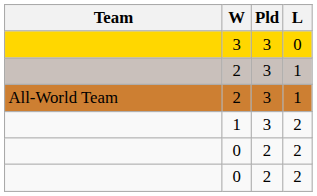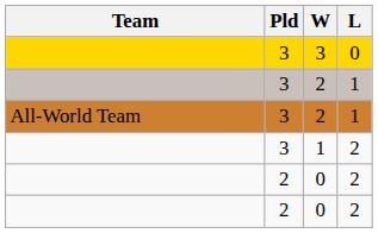 <table class="wikitable" style="text-align:center">
 <tr>
 <th width="200">Team</th>
+<th width="20">Pld</th>
 <th width="20">W</th>
-<th width="20">Pld</th>
 <th width="20">L</th>
 </tr>
 <tr style="background:#FFD700">
 <td align=left></td>
 <td>3</td>
 <td>3</td>
 <td>0</td>
 </tr>
 <tr style="background:#C9C0BB">
 <td align=left></td>
+<td>3</td>
 <td>2</td>
-<td>3</td>
 <td>1</td>
 </tr>
 <tr style="background:#CD7F32">
 <td align=left>All-World Team</td>
+<td>3</td>
 <td>2</td>
-<td>3</td>
 <td>1</td>
 </tr>
 <tr>
 <td align=left></td>
+<td>3</td>
 <td>1</td>
-<td>3</td>
 <td>2</td>
 </tr>
 <tr>
 <td align=left></td>
+<td>2</td>
 <td>0</td>
-<td>2</td>
 <td>2</td>
 </tr>
 <tr>
 <td align=left></td>
+<td>2</td>
 <td>0</td>
-<td>2</td>
 <td>2</td>
 </tr>
 </table>
